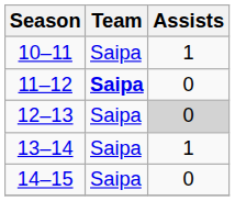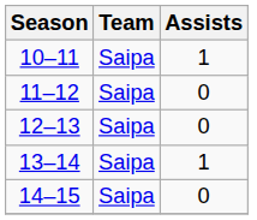 <table class="wikitable" style="text-align: center;">
 <tr>
 <th>Season</th>
 <th>Team</th>
 <th>Assists</th>
 </tr>
 <tr>
 <td><a href='#'>10–11</a></td>
 <td align="left"><a href='#'>Saipa</a></td>
 <td>1</td>
 </tr>
 <tr>
 <td><a href='#'>11–12</a></td>
-<td align="left"><strong><a href='#'>Saipa</a></strong></td>
+<td align="left"><a href='#'>Saipa</a></td>
 <td>0</td>
 </tr>
 <tr>
 <td><a href='#'>12–13</a></td>
 <td align="left"><a href='#'>Saipa</a></td>
-<td style="background: lightgrey;">0</td>
+<td>0</td>
 </tr>
 <tr>
 <td><a href='#'>13–14</a></td>
 <td align="left"><a href='#'>Saipa</a></td>
 <td>1</td>
 </tr>
 <tr>
 <td><a href='#'>14–15</a></td>
 <td align="left"><a href='#'>Saipa</a></td>
 <td>0</td>
 </tr>
 <tr>
 </tr>
 </table>
